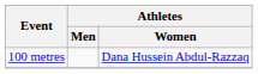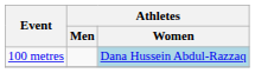 <table class=wikitable style="font-size:90%">
 <tr>
 <th rowspan=2>Event</th>
 <th colspan=2>Athletes</th>
 </tr>
 <tr>
 <th>Men</th>
 <th>Women</th>
 </tr>
 <tr>
 <td><a href='#'>100 metres</a></td>
 <td></td>
-<td><a href='#'>Dana Hussein Abdul-Razzaq</a></td>
+<td style="background: lightblue;"><a href='#'>Dana Hussein Abdul-Razzaq</a></td>
 </tr>
 <tr>
 </tr>
 </table>
